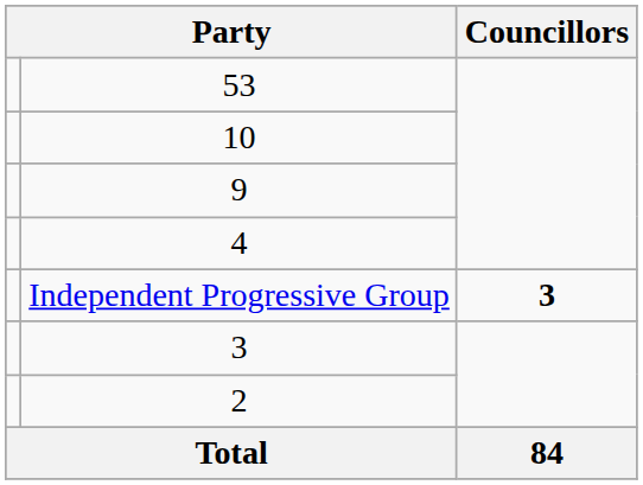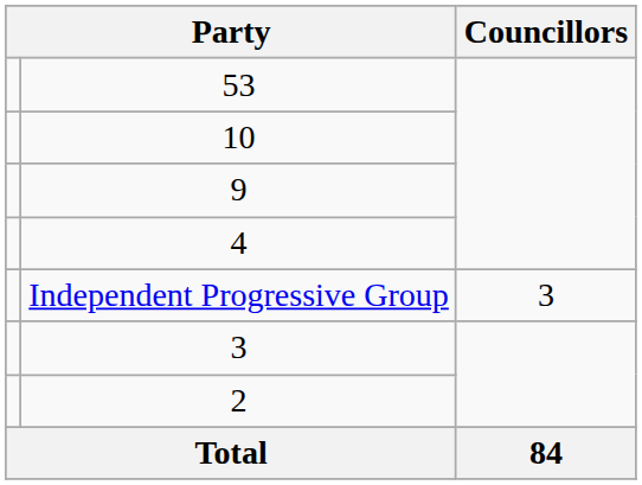 <table class="wikitable">
 <tr>
 <th colspan=2>Party</th>
 <th>Councillors</th>
 </tr>
 <tr>
 <td></td>
 <td align=center>53</td>
 </tr>
 <tr>
 <td></td>
 <td align=center>10</td>
 </tr>
 <tr>
 <td></td>
 <td align=center>9</td>
 </tr>
 <tr>
 <td></td>
 <td align=center>4</td>
 </tr>
 <tr>
 <td></td>
 <td><a href='#'>Independent Progressive Group</a></td>
-<td align="center"><strong>3</strong></td>
+<td align="center">3</td>
 </tr>
 <tr>
 <td></td>
 <td align=center>3</td>
 </tr>
 <tr>
 <td></td>
 <td align=center>2</td>
 </tr>
 <tr>
 <th colspan=2>Total</th>
 <th align=center>84</th>
 </tr>
 </table>
